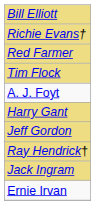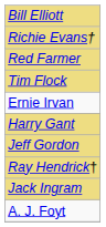 <table class="wikitable" style="float:left;">
 <tr>
 <td style="background:#eedd82"><em><a href='#'>Bill Elliott</a></em></td>
 </tr>
 <tr>
 <td style="background:#eedd82"><em><a href='#'>Richie Evans</a>†</em></td>
 </tr>
 <tr>
 <td style="background:#eedd82"><em><a href='#'>Red Farmer</a></em></td>
 </tr>
 <tr>
 <td style="background:#eedd82"><em><a href='#'>Tim Flock</a></em></td>
 </tr>
 <tr>
-<td><a href='#'>A. J. Foyt</a></td>
+<td><a href='#'>Ernie Irvan</a></td>
 </tr>
 <tr>
 <td style="background:#eedd82"><em><a href='#'>Harry Gant</a></em></td>
 </tr>
 <tr>
 <td style="background:#eedd82"><em><a href='#'>Jeff Gordon</a></em></td>
 </tr>
 <tr>
 <td style="background:#eedd82"><em><a href='#'>Ray Hendrick</a></em>†</td>
 </tr>
 <tr>
 <td style="background:#eedd82"><em><a href='#'>Jack Ingram</a></em></td>
 </tr>
 <tr>
-<td><a href='#'>Ernie Irvan</a></td>
+<td><a href='#'>A. J. Foyt</a></td>
 </tr>
 <tr>
 </tr>
 </table>
